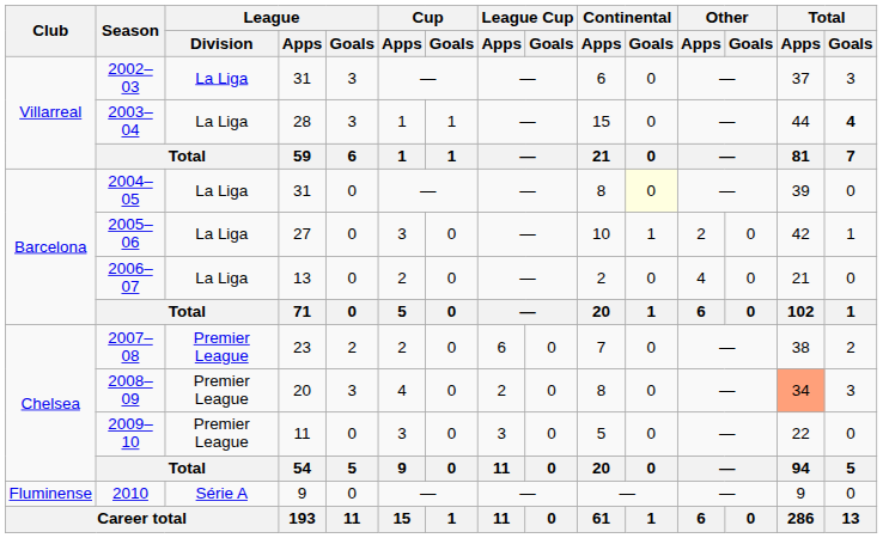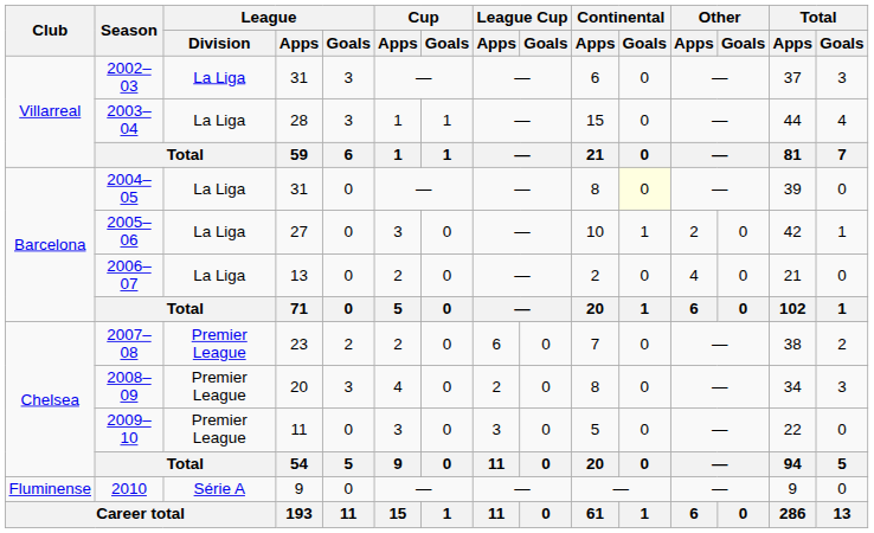 <table class="wikitable" style="text-align:center">
 <tr>
 <th rowspan="2">Club</th>
 <th rowspan="2">Season</th>
 <th colspan="3">League</th>
 <th colspan="2">Cup</th>
 <th colspan="2">League Cup</th>
 <th colspan="2">Continental</th>
 <th colspan="2">Other</th>
 <th colspan="2">Total</th>
 </tr>
 <tr>
 <th>Division</th>
 <th>Apps</th>
 <th>Goals</th>
 <th>Apps</th>
 <th>Goals</th>
 <th>Apps</th>
 <th>Goals</th>
 <th>Apps</th>
 <th>Goals</th>
 <th>Apps</th>
 <th>Goals</th>
 <th>Apps</th>
 <th>Goals</th>
 </tr>
 <tr>
 <td rowspan="3"><a href='#'>Villarreal</a></td>
 <td><a href='#'>2002–03</a></td>
 <td><a href='#'>La Liga</a></td>
 <td>31</td>
 <td>3</td>
 <td colspan="2">—</td>
 <td colspan="2">—</td>
 <td>6</td>
 <td>0</td>
 <td colspan="2">—</td>
 <td>37</td>
 <td>3</td>
 </tr>
 <tr>
 <td><a href='#'>2003–04</a></td>
 <td>La Liga</td>
 <td>28</td>
 <td>3</td>
 <td>1</td>
 <td>1</td>
 <td colspan="2">—</td>
 <td>15</td>
 <td>0</td>
 <td colspan="2">—</td>
 <td>44</td>
-<td><strong>4</strong></td>
+<td>4</td>
 </tr>
 <tr>
 <th colspan="2">Total</th>
 <th>59</th>
 <th>6</th>
 <th>1</th>
 <th>1</th>
 <th colspan="2">—</th>
 <th>21</th>
 <th>0</th>
 <th colspan="2">—</th>
 <th>81</th>
 <th>7</th>
 </tr>
 <tr>
 <td rowspan="4"><a href='#'>Barcelona</a></td>
 <td><a href='#'>2004–05</a></td>
 <td>La Liga</td>
 <td>31</td>
 <td>0</td>
 <td colspan="2">—</td>
 <td colspan="2">—</td>
 <td>8</td>
 <td style="background: lightyellow;">0</td>
 <td colspan="2">—</td>
 <td>39</td>
 <td>0</td>
 </tr>
 <tr>
 <td><a href='#'>2005–06</a></td>
 <td>La Liga</td>
 <td>27</td>
 <td>0</td>
 <td>3</td>
 <td>0</td>
 <td colspan="2">—</td>
 <td>10</td>
 <td>1</td>
 <td>2</td>
 <td>0</td>
 <td>42</td>
 <td>1</td>
 </tr>
 <tr>
 <td><a href='#'>2006–07</a></td>
 <td>La Liga</td>
 <td>13</td>
 <td>0</td>
 <td>2</td>
 <td>0</td>
 <td colspan="2">—</td>
 <td>2</td>
 <td>0</td>
 <td>4</td>
 <td>0</td>
 <td>21</td>
 <td>0</td>
 </tr>
 <tr>
 <th colspan="2">Total</th>
 <th>71</th>
 <th>0</th>
 <th>5</th>
 <th>0</th>
 <th colspan="2">—</th>
 <th>20</th>
 <th>1</th>
 <th>6</th>
 <th>0</th>
 <th>102</th>
 <th>1</th>
 </tr>
 <tr>
 <td rowspan="4"><a href='#'>Chelsea</a></td>
 <td><a href='#'>2007–08</a></td>
 <td><a href='#'>Premier League</a></td>
 <td>23</td>
 <td>2</td>
 <td>2</td>
 <td>0</td>
 <td>6</td>
 <td>0</td>
 <td>7</td>
 <td>0</td>
 <td colspan="2">—</td>
 <td>38</td>
 <td>2</td>
 </tr>
 <tr>
 <td><a href='#'>2008–09</a></td>
 <td>Premier League</td>
 <td>20</td>
 <td>3</td>
 <td>4</td>
 <td>0</td>
 <td>2</td>
 <td>0</td>
 <td>8</td>
 <td>0</td>
 <td colspan="2">—</td>
-<td style="background: lightsalmon;">34</td>
+<td>34</td>
 <td>3</td>
 </tr>
 <tr>
 <td><a href='#'>2009–10</a></td>
 <td>Premier League</td>
 <td>11</td>
 <td>0</td>
 <td>3</td>
 <td>0</td>
 <td>3</td>
 <td>0</td>
 <td>5</td>
 <td>0</td>
 <td colspan="2">—</td>
 <td>22</td>
 <td>0</td>
 </tr>
 <tr>
 <th colspan="2">Total</th>
 <th>54</th>
 <th>5</th>
 <th>9</th>
 <th>0</th>
 <th>11</th>
 <th>0</th>
 <th>20</th>
 <th>0</th>
 <th colspan="2">—</th>
 <th>94</th>
 <th>5</th>
 </tr>
 <tr>
 <td><a href='#'>Fluminense</a></td>
 <td><a href='#'>2010</a></td>
 <td><a href='#'>Série A</a></td>
 <td>9</td>
 <td>0</td>
 <td colspan="2">—</td>
 <td colspan="2">—</td>
 <td colspan="2">—</td>
 <td colspan="2">—</td>
 <td>9</td>
 <td>0</td>
 </tr>
 <tr>
 <th colspan="3">Career total</th>
 <th>193</th>
 <th>11</th>
 <th>15</th>
 <th>1</th>
 <th>11</th>
 <th>0</th>
 <th>61</th>
 <th>1</th>
 <th>6</th>
 <th>0</th>
 <th>286</th>
 <th>13</th>
 </tr>
 </table>
